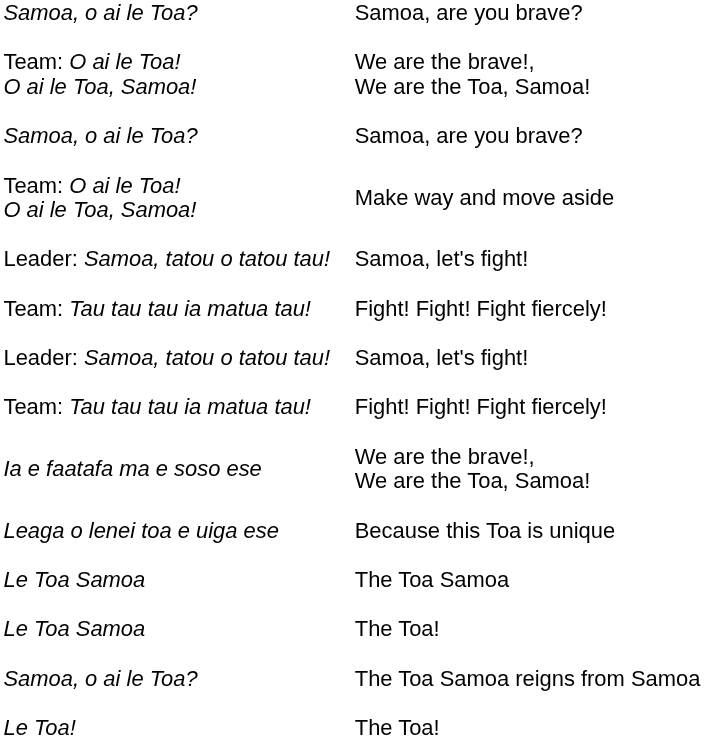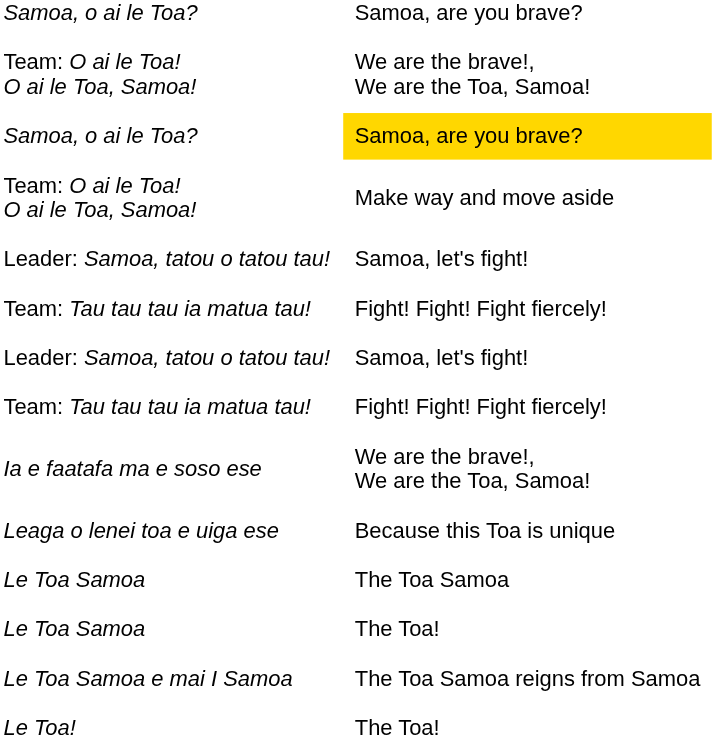 <table border="0" cellpadding="8" cellspacing="2" style="margin-left:3em">
 <tr>
 <td><em>Samoa, o ai le Toa?</em></td>
 <td>Samoa, are you brave?</td>
 </tr>
 <tr>
 <td>Team: <em>O ai le Toa!</em><br><em>O ai le Toa, Samoa!</em></td>
 <td>We are the brave!,<br>We are the Toa, Samoa!</td>
 </tr>
 <tr>
 <td><em>Samoa, o ai le Toa?</em></td>
-<td>Samoa, are you brave?</td>
+<td style="background: gold;">Samoa, are you brave?</td>
 </tr>
 <tr>
 <td>Team: <em>O ai le Toa!</em><br><em>O ai le Toa, Samoa!</em></td>
 <td>Make way and move aside</td>
 </tr>
 <tr>
 <td>Leader: <em>Samoa, tatou o tatou tau!</em></td>
 <td>Samoa, let's fight!</td>
 </tr>
 <tr>
 <td>Team: <em>Tau tau tau ia matua tau!</em></td>
 <td>Fight! Fight! Fight fiercely!</td>
 </tr>
 <tr>
 <td>Leader: <em>Samoa, tatou o tatou tau!</em></td>
 <td>Samoa, let's fight!</td>
 </tr>
 <tr>
 <td>Team: <em>Tau tau tau ia matua tau!</em></td>
 <td>Fight! Fight! Fight fiercely!</td>
 </tr>
 <tr>
 <td><em>Ia e faatafa ma e soso ese</em></td>
 <td>We are the brave!,<br>We are the Toa, Samoa!</td>
 </tr>
 <tr>
 <td><em>Leaga o lenei toa e uiga ese</em></td>
 <td>Because this Toa is unique</td>
 </tr>
 <tr>
 <td><em>Le Toa Samoa</em></td>
 <td>The Toa Samoa</td>
 </tr>
 <tr>
 <td><em>Le Toa Samoa</em></td>
 <td>The Toa!</td>
 </tr>
 <tr>
-<td><em>Samoa, o ai le Toa?</em></td>
+<td><em>Le Toa Samoa e mai I Samoa</em></td>
 <td>The Toa Samoa reigns from Samoa</td>
 </tr>
 <tr>
 <td><em>Le Toa!</em></td>
 <td>The Toa!</td>
 </tr>
 </table>
